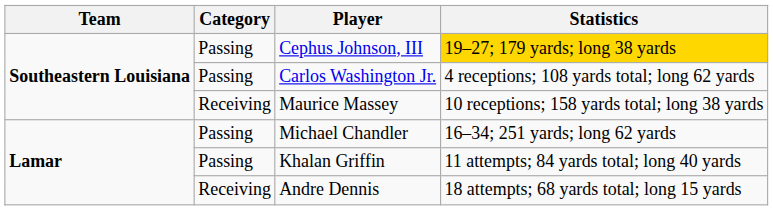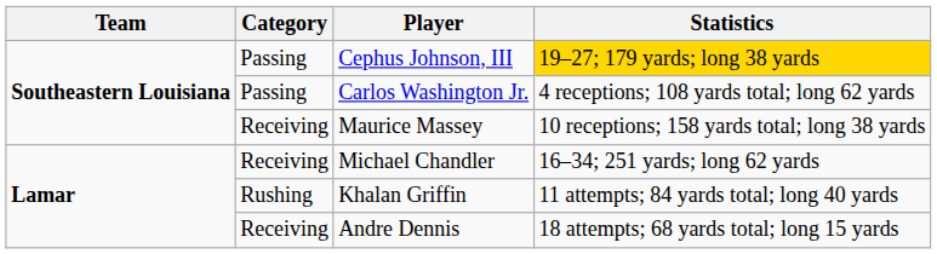 <table class="wikitable" style="float: right;">
 <tr>
 <th>Team</th>
 <th>Category</th>
 <th>Player</th>
 <th>Statistics</th>
 </tr>
 <tr>
 <td rowspan=3><strong>Southeastern Louisiana</strong></td>
 <td>Passing</td>
 <td><a href='#'>Cephus Johnson, III</a></td>
 <td style="background: gold;">19–27; 179 yards; long 38 yards</td>
 </tr>
 <tr>
 <td>Passing</td>
 <td><a href='#'>Carlos Washington Jr.</a></td>
 <td>4 receptions; 108 yards total; long 62 yards</td>
 </tr>
 <tr>
 <td>Receiving</td>
 <td>Maurice Massey</td>
 <td>10 receptions; 158 yards total; long 38 yards</td>
 </tr>
 <tr>
 <td rowspan=3><strong>Lamar</strong></td>
-<td>Passing</td>
+<td>Receiving</td>
 <td>Michael Chandler</td>
 <td>16–34; 251 yards; long 62 yards</td>
 </tr>
 <tr>
-<td>Passing</td>
+<td>Rushing</td>
 <td>Khalan Griffin</td>
 <td>11 attempts; 84 yards total; long 40 yards</td>
 </tr>
 <tr>
 <td>Receiving</td>
 <td>Andre Dennis</td>
 <td>18 attempts; 68 yards total; long 15 yards</td>
 </tr>
 </table>
